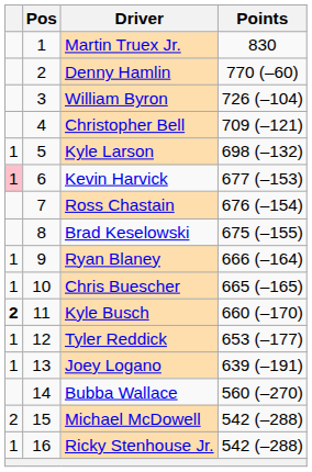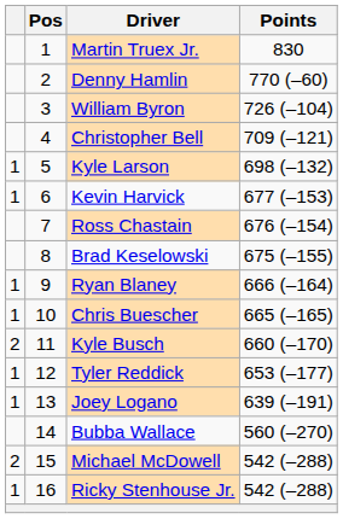 <table class="wikitable" style="font-size: 95%;">
 <tr>
 <th></th>
 <th>Pos</th>
 <th>Driver</th>
 <th>Points</th>
 </tr>
 <tr>
 <td align="left"></td>
 <td style="text-align:center;">1</td>
 <td style="background:#FFDEAD;"><a href='#'>Martin Truex Jr.</a></td>
 <td style="text-align:center;">830</td>
 </tr>
 <tr>
 <td align="left"></td>
 <td style="text-align:center;">2</td>
 <td style="background:#FFDEAD;"><a href='#'>Denny Hamlin</a></td>
 <td style="text-align:center;">770 (–60)</td>
 </tr>
 <tr>
 <td align="left"></td>
 <td style="text-align:center;">3</td>
 <td style="background:#FFDEAD;"><a href='#'>William Byron</a></td>
 <td style="text-align:center;">726 (–104)</td>
 </tr>
 <tr>
 <td align="left"></td>
 <td style="text-align:center;">4</td>
 <td style="background:#FFDEAD;"><a href='#'>Christopher Bell</a></td>
 <td style="text-align:center;">709 (–121)</td>
 </tr>
 <tr>
 <td align="left"> 1</td>
 <td style="text-align:center;">5</td>
 <td style="background:#FFDEAD;"><a href='#'>Kyle Larson</a></td>
 <td style="text-align:center;">698 (–132)</td>
 </tr>
 <tr>
-<td align="left" style="background: pink;"> 1</td>
+<td align="left"> 1</td>
 <td style="text-align:center;">6</td>
 <td><a href='#'>Kevin Harvick</a></td>
 <td style="text-align:center;">677 (–153)</td>
 </tr>
 <tr>
 <td align="left"></td>
 <td style="text-align:center;">7</td>
 <td style="background:#FFDEAD;"><a href='#'>Ross Chastain</a></td>
 <td style="text-align:center;">676 (–154)</td>
 </tr>
 <tr>
 <td align="left"></td>
 <td style="text-align:center;">8</td>
 <td><a href='#'>Brad Keselowski</a></td>
 <td style="text-align:center;">675 (–155)</td>
 </tr>
 <tr>
 <td align="left"> 1</td>
 <td style="text-align:center;">9</td>
 <td style="background:#FFDEAD;"><a href='#'>Ryan Blaney</a></td>
 <td style="text-align:center;">666 (–164)</td>
 </tr>
 <tr>
 <td align="left"> 1</td>
 <td style="text-align:center;">10</td>
 <td style="background:#FFDEAD;"><a href='#'>Chris Buescher</a></td>
 <td style="text-align:center;">665 (–165)</td>
 </tr>
 <tr>
-<td align="left"><strong> 2</strong></td>
+<td align="left"> 2</td>
 <td style="text-align:center;">11</td>
 <td style="background:#FFDEAD;"><a href='#'>Kyle Busch</a></td>
 <td style="text-align:center;">660 (–170)</td>
 </tr>
 <tr>
 <td align="left"> 1</td>
 <td style="text-align:center;">12</td>
 <td style="background:#FFDEAD;"><a href='#'>Tyler Reddick</a></td>
 <td style="text-align:center;">653 (–177)</td>
 </tr>
 <tr>
 <td align="left"> 1</td>
 <td style="text-align:center;">13</td>
 <td style="background:#FFDEAD;"><a href='#'>Joey Logano</a></td>
 <td style="text-align:center;">639 (–191)</td>
 </tr>
 <tr>
 <td align="left"></td>
 <td style="text-align:center;">14</td>
 <td><a href='#'>Bubba Wallace</a></td>
 <td style="text-align:center;">560 (–270)</td>
 </tr>
 <tr>
 <td align="left"> 2</td>
 <td style="text-align:center;">15</td>
 <td style="background:#FFDEAD;"><a href='#'>Michael McDowell</a></td>
 <td style="text-align:center;">542 (–288)</td>
 </tr>
 <tr>
 <td align="left"> 1</td>
 <td style="text-align:center;">16</td>
 <td style="background:#FFDEAD;"><a href='#'>Ricky Stenhouse Jr.</a></td>
 <td style="text-align:center;">542 (–288)</td>
 </tr>
 <tr class="sortbottom">
 <th colspan="9"></th>
 </tr>
 </table>
